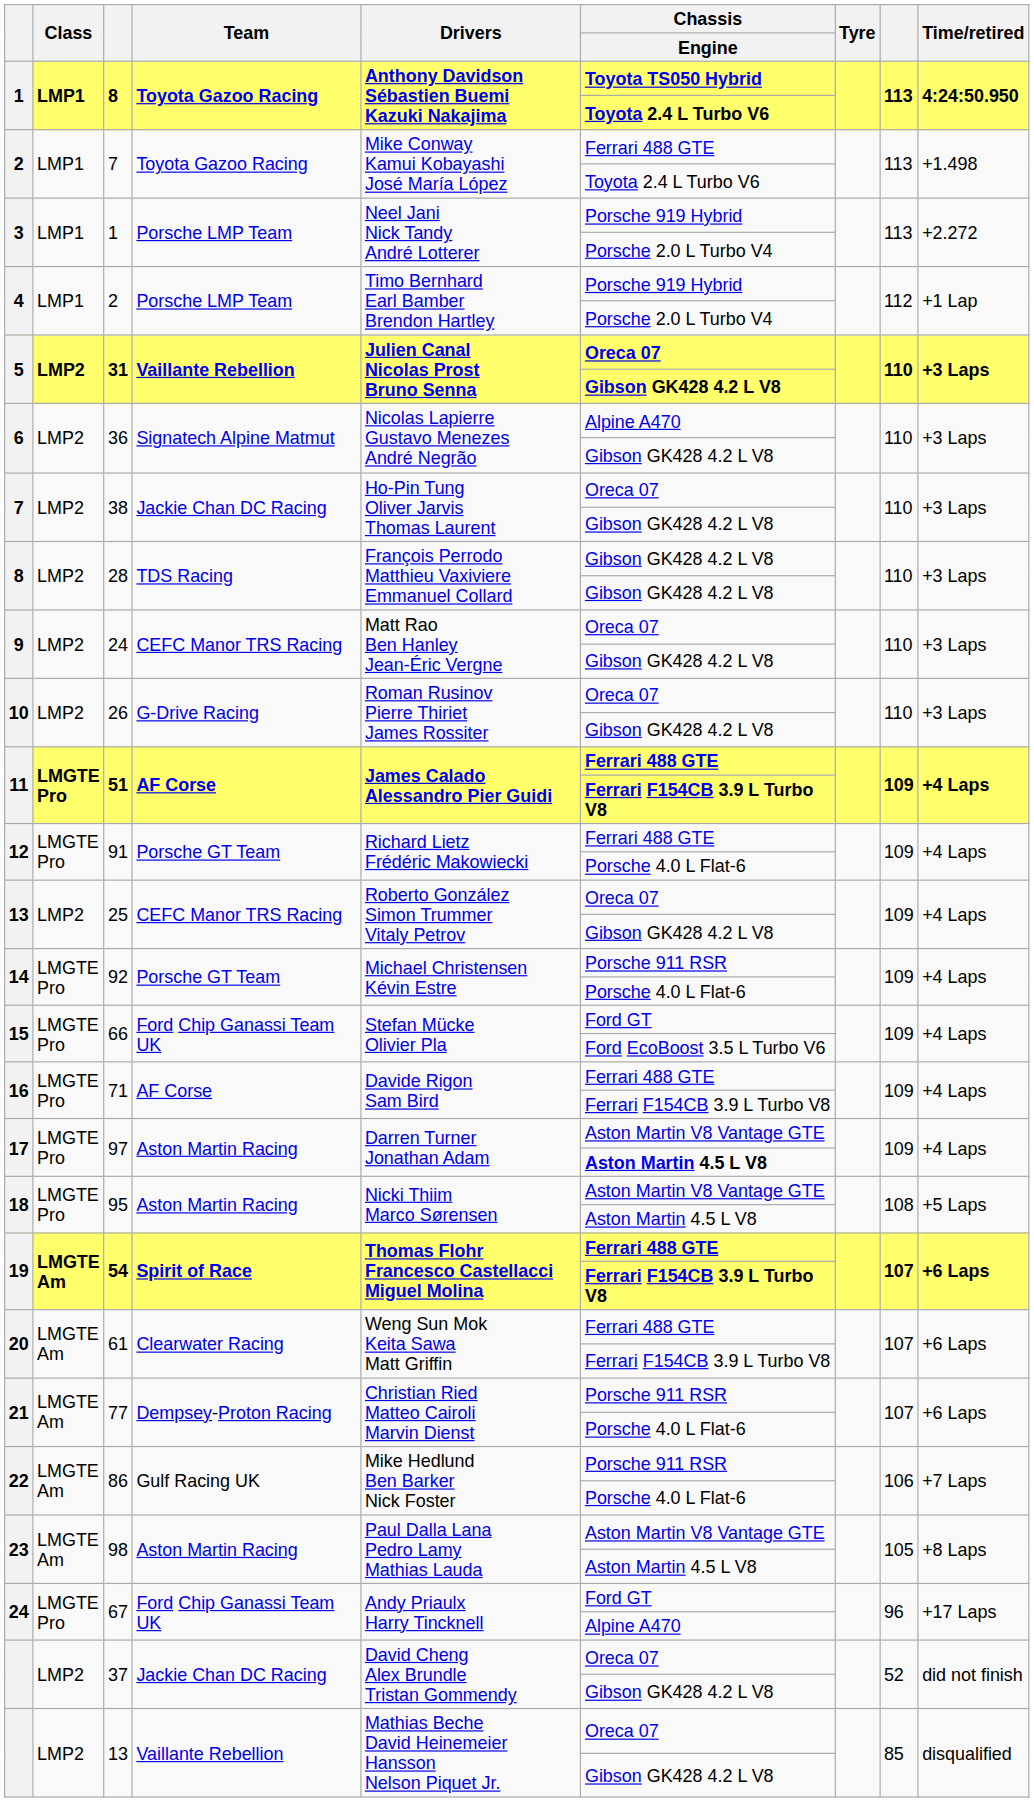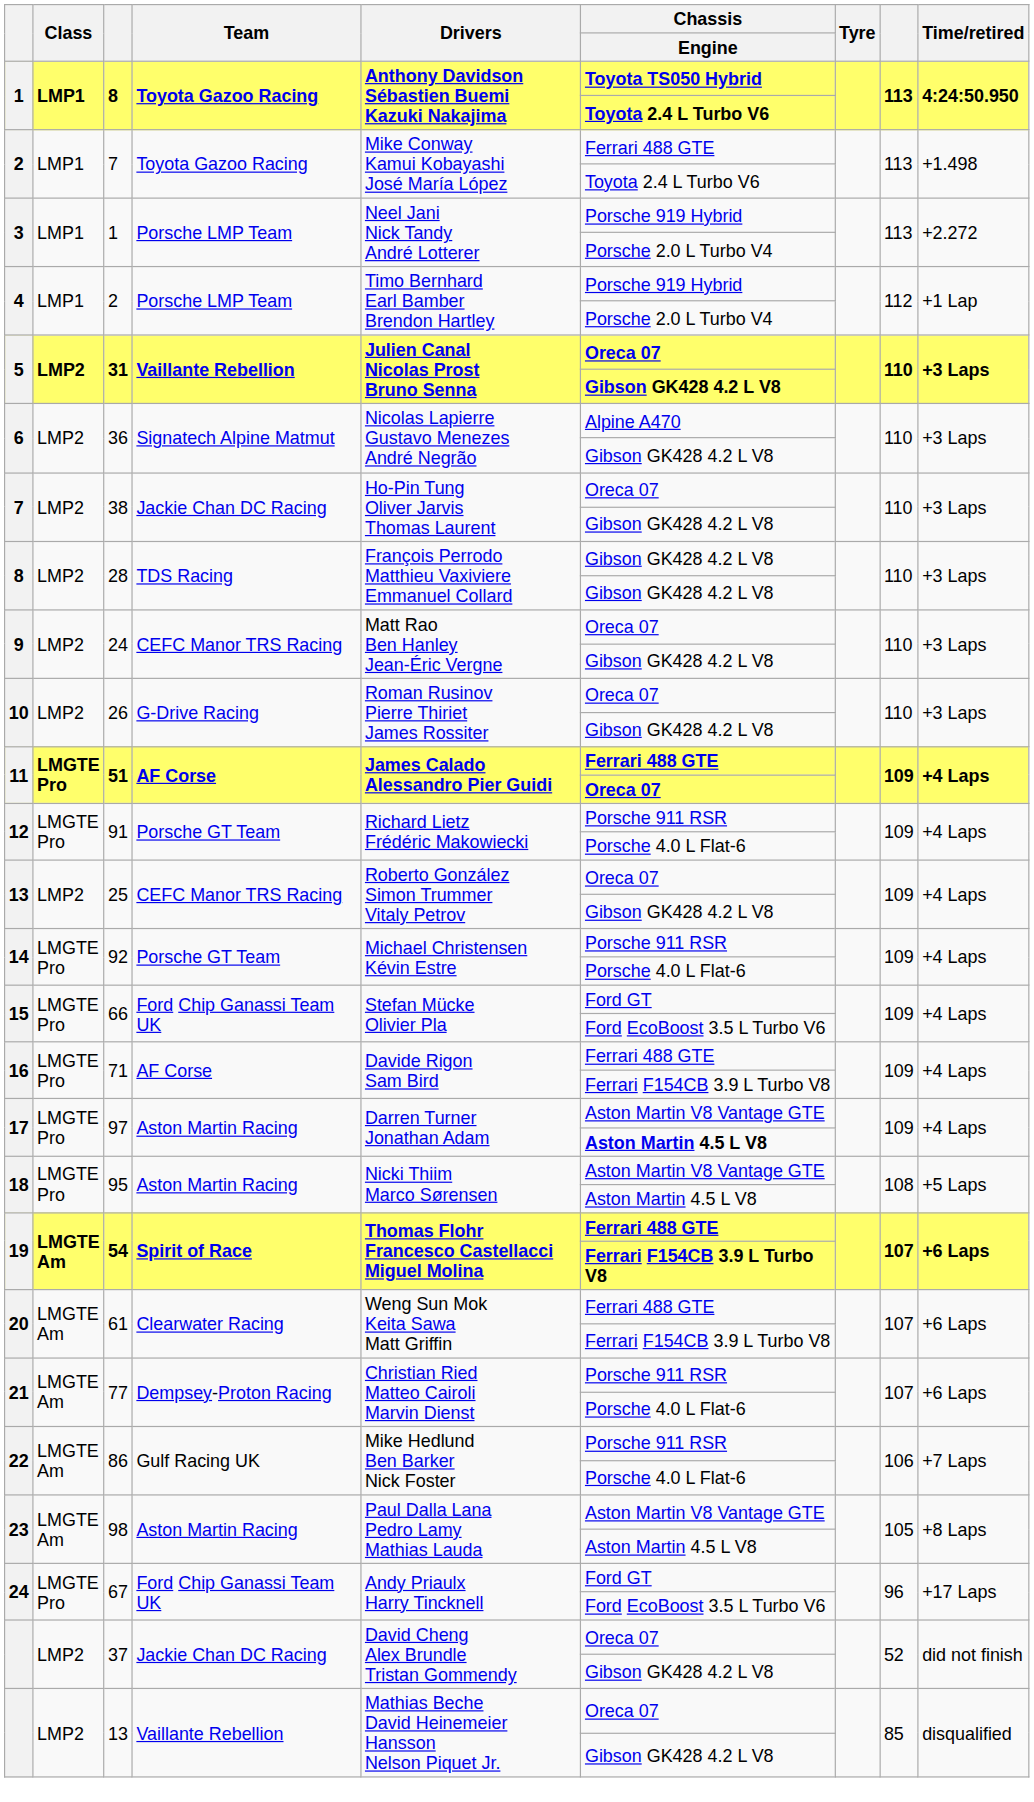 <table class="wikitable" style="font-size: 95%;">
 <tr>
 <th rowspan="2"></th>
 <th rowspan="2">Class</th>
 <th rowspan="2"></th>
 <th rowspan="2">Team</th>
 <th rowspan="2">Drivers</th>
 <th>Chassis</th>
 <th rowspan="2">Tyre</th>
 <th rowspan="2"></th>
 <th rowspan="2">Time/retired</th>
 </tr>
 <tr>
 <th>Engine</th>
 </tr>
 <tr style="font-weight:bold" bgcolor="FFFF6B">
 <th rowspan=2>1</th>
 <td rowspan=2>LMP1</td>
 <td rowspan=2>8</td>
 <td rowspan=2> <a href='#'>Toyota Gazoo Racing</a></td>
 <td rowspan=2> <a href='#'>Anthony Davidson</a><br> <a href='#'>Sébastien Buemi</a><br> <a href='#'>Kazuki Nakajima</a></td>
 <td><a href='#'>Toyota TS050 Hybrid</a></td>
 <td rowspan=2></td>
 <td rowspan=2>113</td>
 <td rowspan=2>4:24:50.950</td>
 </tr>
 <tr style="font-weight:bold" bgcolor="FFFF6B">
 <td><a href='#'>Toyota</a> 2.4 L Turbo V6</td>
 </tr>
 <tr>
 <th rowspan=2>2</th>
 <td rowspan=2>LMP1</td>
 <td rowspan=2>7</td>
 <td rowspan=2> <a href='#'>Toyota Gazoo Racing</a></td>
 <td rowspan=2> <a href='#'>Mike Conway</a><br> <a href='#'>Kamui Kobayashi</a><br> <a href='#'>José María López</a></td>
 <td><a href='#'>Ferrari 488 GTE</a></td>
 <td rowspan=2></td>
 <td rowspan=2>113</td>
 <td rowspan=2>+1.498</td>
 </tr>
 <tr>
 <td><a href='#'>Toyota</a> 2.4 L Turbo V6</td>
 </tr>
 <tr>
 <th rowspan=2>3</th>
 <td rowspan=2>LMP1</td>
 <td rowspan=2>1</td>
 <td rowspan=2> <a href='#'>Porsche LMP Team</a></td>
 <td rowspan=2> <a href='#'>Neel Jani</a><br> <a href='#'>Nick Tandy</a><br> <a href='#'>André Lotterer</a></td>
 <td><a href='#'>Porsche 919 Hybrid</a></td>
 <td rowspan=2></td>
 <td rowspan=2>113</td>
 <td rowspan=2>+2.272</td>
 </tr>
 <tr>
 <td><a href='#'>Porsche</a> 2.0 L Turbo V4</td>
 </tr>
 <tr>
 <th rowspan=2>4</th>
 <td rowspan=2>LMP1</td>
 <td rowspan=2>2</td>
 <td rowspan=2> <a href='#'>Porsche LMP Team</a></td>
 <td rowspan=2> <a href='#'>Timo Bernhard</a><br> <a href='#'>Earl Bamber</a><br> <a href='#'>Brendon Hartley</a></td>
 <td><a href='#'>Porsche 919 Hybrid</a></td>
 <td rowspan=2></td>
 <td rowspan=2>112</td>
 <td rowspan=2>+1 Lap</td>
 </tr>
 <tr>
 <td><a href='#'>Porsche</a> 2.0 L Turbo V4</td>
 </tr>
 <tr style="font-weight:bold" bgcolor="FFFF6B">
 <th rowspan=2>5</th>
 <td rowspan=2>LMP2</td>
 <td rowspan=2>31</td>
 <td rowspan=2> <a href='#'>Vaillante Rebellion</a></td>
 <td rowspan=2> <a href='#'>Julien Canal</a><br> <a href='#'>Nicolas Prost</a><br> <a href='#'>Bruno Senna</a></td>
 <td><a href='#'>Oreca 07</a></td>
 <td rowspan=2></td>
 <td rowspan=2>110</td>
 <td rowspan=2>+3 Laps</td>
 </tr>
 <tr style="font-weight:bold" bgcolor="FFFF6B">
 <td><a href='#'>Gibson</a> GK428 4.2 L V8</td>
 </tr>
 <tr>
 <th rowspan=2>6</th>
 <td rowspan=2>LMP2</td>
 <td rowspan=2>36</td>
 <td rowspan=2> <a href='#'>Signatech Alpine Matmut</a></td>
 <td rowspan=2> <a href='#'>Nicolas Lapierre</a><br> <a href='#'>Gustavo Menezes</a><br> <a href='#'>André Negrão</a></td>
 <td><a href='#'>Alpine A470</a></td>
 <td rowspan=2></td>
 <td rowspan=2>110</td>
 <td rowspan=2>+3 Laps</td>
 </tr>
 <tr>
 <td><a href='#'>Gibson</a> GK428 4.2 L V8</td>
 </tr>
 <tr>
 <th rowspan=2>7</th>
 <td rowspan=2>LMP2</td>
 <td rowspan=2>38</td>
 <td rowspan=2> <a href='#'>Jackie Chan DC Racing</a></td>
 <td rowspan=2> <a href='#'>Ho-Pin Tung</a><br> <a href='#'>Oliver Jarvis</a><br> <a href='#'>Thomas Laurent</a></td>
 <td><a href='#'>Oreca 07</a></td>
 <td rowspan=2></td>
 <td rowspan=2>110</td>
 <td rowspan=2>+3 Laps</td>
 </tr>
 <tr>
 <td><a href='#'>Gibson</a> GK428 4.2 L V8</td>
 </tr>
 <tr>
 <th rowspan=2>8</th>
 <td rowspan=2>LMP2</td>
 <td rowspan=2>28</td>
 <td rowspan=2> <a href='#'>TDS Racing</a></td>
 <td rowspan=2> <a href='#'>François Perrodo</a><br> <a href='#'>Matthieu Vaxiviere</a><br> <a href='#'>Emmanuel Collard</a></td>
 <td><a href='#'>Gibson</a> GK428 4.2 L V8</td>
 <td rowspan=2></td>
 <td rowspan=2>110</td>
 <td rowspan=2>+3 Laps</td>
 </tr>
 <tr>
 <td><a href='#'>Gibson</a> GK428 4.2 L V8</td>
 </tr>
 <tr>
 <th rowspan="2">9</th>
 <td rowspan="2">LMP2</td>
 <td rowspan="2">24</td>
 <td rowspan="2"> <a href='#'>CEFC Manor TRS Racing</a></td>
 <td rowspan="2"> Matt Rao<br> <a href='#'>Ben Hanley</a><br> <a href='#'>Jean-Éric Vergne</a></td>
 <td><a href='#'>Oreca 07</a></td>
 <td rowspan="2"></td>
 <td rowspan="2">110</td>
 <td rowspan="2">+3 Laps</td>
 </tr>
 <tr>
 <td><a href='#'>Gibson</a> GK428 4.2 L V8</td>
 </tr>
 <tr>
 <th rowspan=2>10</th>
 <td rowspan=2>LMP2</td>
 <td rowspan=2>26</td>
 <td rowspan=2> <a href='#'>G-Drive Racing</a></td>
 <td rowspan=2> <a href='#'>Roman Rusinov</a><br> <a href='#'>Pierre Thiriet</a><br> <a href='#'>James Rossiter</a></td>
 <td><a href='#'>Oreca 07</a></td>
 <td rowspan=2></td>
 <td rowspan=2>110</td>
 <td rowspan=2>+3 Laps</td>
 </tr>
 <tr>
 <td><a href='#'>Gibson</a> GK428 4.2 L V8</td>
 </tr>
 <tr style="font-weight:bold" bgcolor="FFFF6B">
 <th rowspan=2>11</th>
 <td rowspan=2>LMGTE<br>Pro</td>
 <td rowspan=2>51</td>
 <td rowspan=2> <a href='#'>AF Corse</a></td>
 <td rowspan=2> <a href='#'>James Calado</a><br> <a href='#'>Alessandro Pier Guidi</a></td>
 <td><a href='#'>Ferrari 488 GTE</a></td>
 <td rowspan=2></td>
 <td rowspan=2>109</td>
 <td rowspan=2>+4 Laps</td>
 </tr>
 <tr style="font-weight:bold" bgcolor="FFFF6B">
-<td><a href='#'>Ferrari</a> <a href='#'>F154CB</a> 3.9 L Turbo V8</td>
+<td><a href='#'>Oreca 07</a></td>
 </tr>
 <tr>
 <th rowspan=2>12</th>
 <td rowspan=2>LMGTE<br>Pro</td>
 <td rowspan=2>91</td>
 <td rowspan=2> <a href='#'>Porsche GT Team</a></td>
 <td rowspan=2> <a href='#'>Richard Lietz</a><br> <a href='#'>Frédéric Makowiecki</a></td>
-<td><a href='#'>Ferrari 488 GTE</a></td>
+<td><a href='#'>Porsche 911 RSR</a></td>
 <td rowspan=2></td>
 <td rowspan=2>109</td>
 <td rowspan=2>+4 Laps</td>
 </tr>
 <tr>
 <td><a href='#'>Porsche</a> 4.0 L Flat-6</td>
 </tr>
 <tr>
 <th rowspan=2>13</th>
 <td rowspan=2>LMP2</td>
 <td rowspan=2>25</td>
 <td rowspan=2> <a href='#'>CEFC Manor TRS Racing</a></td>
 <td rowspan=2> <a href='#'>Roberto González</a><br> <a href='#'>Simon Trummer</a><br> <a href='#'>Vitaly Petrov</a></td>
 <td><a href='#'>Oreca 07</a></td>
 <td rowspan=2></td>
 <td rowspan=2>109</td>
 <td rowspan=2>+4 Laps</td>
 </tr>
 <tr>
 <td><a href='#'>Gibson</a> GK428 4.2 L V8</td>
 </tr>
 <tr>
 <th rowspan=2>14</th>
 <td rowspan=2>LMGTE<br>Pro</td>
 <td rowspan=2>92</td>
 <td rowspan=2> <a href='#'>Porsche GT Team</a></td>
 <td rowspan=2> <a href='#'>Michael Christensen</a><br> <a href='#'>Kévin Estre</a></td>
 <td><a href='#'>Porsche 911 RSR</a></td>
 <td rowspan=2></td>
 <td rowspan=2>109</td>
 <td rowspan=2>+4 Laps</td>
 </tr>
 <tr>
 <td><a href='#'>Porsche</a> 4.0 L Flat-6</td>
 </tr>
 <tr>
 <th rowspan=2>15</th>
 <td rowspan=2>LMGTE<br>Pro</td>
 <td rowspan=2>66</td>
 <td rowspan=2> <a href='#'>Ford</a> <a href='#'>Chip Ganassi Team UK</a></td>
 <td rowspan=2> <a href='#'>Stefan Mücke</a><br> <a href='#'>Olivier Pla</a></td>
 <td><a href='#'>Ford GT</a></td>
 <td rowspan=2></td>
 <td rowspan=2>109</td>
 <td rowspan=2>+4 Laps</td>
 </tr>
 <tr>
 <td><a href='#'>Ford</a> <a href='#'>EcoBoost</a> 3.5 L Turbo V6</td>
 </tr>
 <tr>
 <th rowspan=2>16</th>
 <td rowspan=2>LMGTE<br>Pro</td>
 <td rowspan=2>71</td>
 <td rowspan=2> <a href='#'>AF Corse</a></td>
 <td rowspan=2> <a href='#'>Davide Rigon</a><br> <a href='#'>Sam Bird</a></td>
 <td><a href='#'>Ferrari 488 GTE</a></td>
 <td rowspan=2></td>
 <td rowspan=2>109</td>
 <td rowspan=2>+4 Laps</td>
 </tr>
 <tr>
 <td><a href='#'>Ferrari</a> <a href='#'>F154CB</a> 3.9 L Turbo V8</td>
 </tr>
 <tr>
 <th rowspan=2>17</th>
 <td rowspan=2>LMGTE<br>Pro</td>
 <td rowspan=2>97</td>
 <td rowspan=2> <a href='#'>Aston Martin Racing</a></td>
 <td rowspan=2> <a href='#'>Darren Turner</a><br> <a href='#'>Jonathan Adam</a></td>
 <td><a href='#'>Aston Martin V8 Vantage GTE</a></td>
 <td rowspan=2></td>
 <td rowspan=2>109</td>
 <td rowspan=2>+4 Laps</td>
 </tr>
 <tr>
 <td><strong><a href='#'>Aston Martin</a> 4.5 L V8</strong></td>
 </tr>
 <tr>
 <th rowspan=2>18</th>
 <td rowspan=2>LMGTE<br>Pro</td>
 <td rowspan=2>95</td>
 <td rowspan=2> <a href='#'>Aston Martin Racing</a></td>
 <td rowspan=2> <a href='#'>Nicki Thiim</a><br> <a href='#'>Marco Sørensen</a></td>
 <td><a href='#'>Aston Martin V8 Vantage GTE</a></td>
 <td rowspan=2></td>
 <td rowspan=2>108</td>
 <td rowspan=2>+5 Laps</td>
 </tr>
 <tr>
 <td><a href='#'>Aston Martin</a> 4.5 L V8</td>
 </tr>
 <tr style="font-weight:bold" bgcolor="FFFF6B">
 <th rowspan=2>19</th>
 <td rowspan=2>LMGTE<br>Am</td>
 <td rowspan=2>54</td>
 <td rowspan=2> <a href='#'>Spirit of Race</a></td>
 <td rowspan=2> <a href='#'>Thomas Flohr</a><br> <a href='#'>Francesco Castellacci</a><br> <a href='#'>Miguel Molina</a></td>
 <td><a href='#'>Ferrari 488 GTE</a></td>
 <td rowspan=2></td>
 <td rowspan=2>107</td>
 <td rowspan=2>+6 Laps</td>
 </tr>
 <tr style="font-weight:bold" bgcolor="FFFF6B">
 <td><a href='#'>Ferrari</a> <a href='#'>F154CB</a> 3.9 L Turbo V8</td>
 </tr>
 <tr>
 <th rowspan=2>20</th>
 <td rowspan=2>LMGTE<br>Am</td>
 <td rowspan=2>61</td>
 <td rowspan=2> <a href='#'>Clearwater Racing</a></td>
 <td rowspan=2> Weng Sun Mok<br> <a href='#'>Keita Sawa</a><br> Matt Griffin</td>
 <td><a href='#'>Ferrari 488 GTE</a></td>
 <td rowspan=2></td>
 <td rowspan=2>107</td>
 <td rowspan=2>+6 Laps</td>
 </tr>
 <tr>
 <td><a href='#'>Ferrari</a> <a href='#'>F154CB</a> 3.9 L Turbo V8</td>
 </tr>
 <tr>
 <th rowspan=2>21</th>
 <td rowspan=2>LMGTE<br>Am</td>
 <td rowspan=2>77</td>
 <td rowspan=2> <a href='#'>Dempsey</a>-<a href='#'>Proton Racing</a></td>
 <td rowspan=2> <a href='#'>Christian Ried</a><br> <a href='#'>Matteo Cairoli</a><br> <a href='#'>Marvin Dienst</a></td>
 <td><a href='#'>Porsche 911 RSR</a></td>
 <td rowspan=2></td>
 <td rowspan=2>107</td>
 <td rowspan=2>+6 Laps</td>
 </tr>
 <tr>
 <td><a href='#'>Porsche</a> 4.0 L Flat-6</td>
 </tr>
 <tr>
 <th rowspan=2>22</th>
 <td rowspan=2>LMGTE<br>Am</td>
 <td rowspan=2>86</td>
 <td rowspan=2> Gulf Racing UK</td>
 <td rowspan=2> Mike Hedlund<br> <a href='#'>Ben Barker</a><br> Nick Foster</td>
 <td><a href='#'>Porsche 911 RSR</a></td>
 <td rowspan=2></td>
 <td rowspan=2>106</td>
 <td rowspan=2>+7 Laps</td>
 </tr>
 <tr>
 <td><a href='#'>Porsche</a> 4.0 L Flat-6</td>
 </tr>
 <tr>
 <th rowspan=2>23</th>
 <td rowspan=2>LMGTE<br>Am</td>
 <td rowspan=2>98</td>
 <td rowspan=2> <a href='#'>Aston Martin Racing</a></td>
 <td rowspan=2> <a href='#'>Paul Dalla Lana</a><br> <a href='#'>Pedro Lamy</a><br> <a href='#'>Mathias Lauda</a></td>
 <td><a href='#'>Aston Martin V8 Vantage GTE</a></td>
 <td rowspan=2></td>
 <td rowspan=2>105</td>
 <td rowspan=2>+8 Laps</td>
 </tr>
 <tr>
 <td><a href='#'>Aston Martin</a> 4.5 L V8</td>
 </tr>
 <tr>
 <th rowspan=2>24</th>
 <td rowspan=2>LMGTE<br>Pro</td>
 <td rowspan=2>67</td>
 <td rowspan=2> <a href='#'>Ford</a> <a href='#'>Chip Ganassi Team UK</a></td>
 <td rowspan=2> <a href='#'>Andy Priaulx</a><br> <a href='#'>Harry Tincknell</a></td>
 <td><a href='#'>Ford GT</a></td>
 <td rowspan=2></td>
 <td rowspan=2>96</td>
 <td rowspan=2>+17 Laps</td>
 </tr>
 <tr>
-<td><a href='#'>Alpine A470</a></td>
+<td><a href='#'>Ford</a> <a href='#'>EcoBoost</a> 3.5 L Turbo V6</td>
 </tr>
 <tr>
 <th rowspan=2></th>
 <td rowspan=2>LMP2</td>
 <td rowspan=2>37</td>
 <td rowspan=2> <a href='#'>Jackie Chan DC Racing</a></td>
 <td rowspan=2> <a href='#'>David Cheng</a><br> <a href='#'>Alex Brundle</a><br> <a href='#'>Tristan Gommendy</a></td>
 <td><a href='#'>Oreca 07</a></td>
 <td rowspan=2></td>
 <td rowspan=2>52</td>
 <td rowspan=2>did not finish</td>
 </tr>
 <tr>
 <td><a href='#'>Gibson</a> GK428 4.2 L V8</td>
 </tr>
 <tr>
 <th rowspan=2></th>
 <td rowspan=2>LMP2</td>
 <td rowspan=2>13</td>
 <td rowspan=2> <a href='#'>Vaillante Rebellion</a></td>
 <td rowspan=2> <a href='#'>Mathias Beche</a><br> <a href='#'>David Heinemeier Hansson</a><br> <a href='#'>Nelson Piquet Jr.</a></td>
 <td><a href='#'>Oreca 07</a></td>
 <td rowspan=2></td>
 <td rowspan=2>85</td>
 <td rowspan=2>disqualified</td>
 </tr>
 <tr>
 <td><a href='#'>Gibson</a> GK428 4.2 L V8</td>
 </tr>
 </table>
